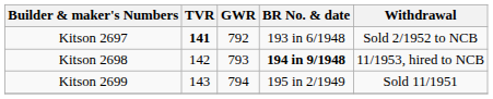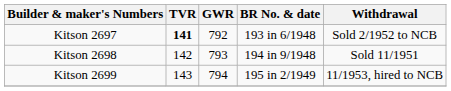 <table class=wikitable style=text-align:center>
 <tr>
 <th>Builder & maker's Numbers</th>
 <th>TVR</th>
 <th>GWR</th>
 <th>BR No. & date</th>
 <th>Withdrawal</th>
 </tr>
 <tr>
 <td>Kitson 2697</td>
 <td><strong>141</strong></td>
 <td>792</td>
 <td>193 in 6/1948</td>
 <td>Sold 2/1952 to NCB</td>
 </tr>
 <tr>
 <td>Kitson 2698</td>
 <td>142</td>
 <td>793</td>
-<td><strong>194 in 9/1948</strong></td>
-<td>11/1953, hired to NCB</td>
+<td>194 in 9/1948</td>
+<td>Sold 11/1951</td>
 </tr>
 <tr>
 <td>Kitson 2699</td>
 <td>143</td>
 <td>794</td>
 <td>195 in 2/1949</td>
-<td>Sold 11/1951</td>
+<td>11/1953, hired to NCB</td>
 </tr>
 <tr>
 </tr>
 </table>
